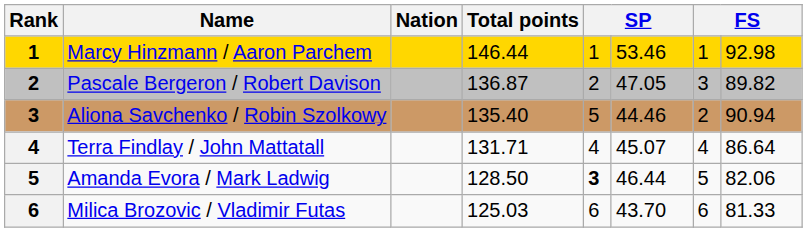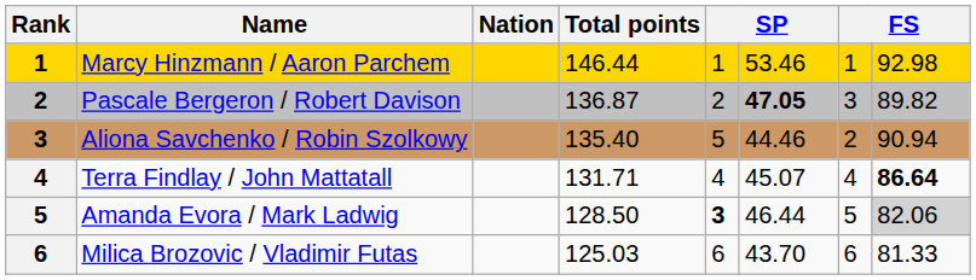 <table class="wikitable">
 <tr>
 <th>Rank</th>
 <th>Name</th>
 <th>Nation</th>
 <th>Total points</th>
 <th colspan="2" width="80px"><a href='#'>SP</a></th>
 <th colspan="2" width="80px"><a href='#'>FS</a></th>
 </tr>
 <tr bgcolor="gold">
 <td align="center"><strong>1</strong></td>
 <td><a href='#'>Marcy Hinzmann</a> / <a href='#'>Aaron Parchem</a></td>
 <td></td>
 <td>146.44</td>
 <td>1</td>
 <td>53.46</td>
 <td>1</td>
 <td>92.98</td>
 </tr>
 <tr bgcolor="silver">
 <td align="center"><strong>2</strong></td>
 <td><a href='#'>Pascale Bergeron</a> / <a href='#'>Robert Davison</a></td>
 <td></td>
 <td>136.87</td>
 <td>2</td>
-<td>47.05</td>
+<td><strong>47.05</strong></td>
 <td>3</td>
 <td>89.82</td>
 </tr>
 <tr bgcolor="cc9966">
 <td align="center"><strong>3</strong></td>
 <td><a href='#'>Aliona Savchenko</a> / <a href='#'>Robin Szolkowy</a></td>
 <td></td>
 <td>135.40</td>
 <td>5</td>
 <td>44.46</td>
 <td>2</td>
 <td>90.94</td>
 </tr>
 <tr>
 <th>4</th>
 <td><a href='#'>Terra Findlay</a> / <a href='#'>John Mattatall</a></td>
 <td></td>
 <td>131.71</td>
 <td>4</td>
 <td>45.07</td>
 <td>4</td>
-<td>86.64</td>
+<td><strong>86.64</strong></td>
 </tr>
 <tr>
 <th>5</th>
 <td><a href='#'>Amanda Evora</a> / <a href='#'>Mark Ladwig</a></td>
 <td></td>
 <td>128.50</td>
 <td><strong>3</strong></td>
 <td>46.44</td>
 <td>5</td>
-<td>82.06</td>
+<td style="background: lightgrey;">82.06</td>
 </tr>
 <tr>
 <th>6</th>
 <td><a href='#'>Milica Brozovic</a> / <a href='#'>Vladimir Futas</a></td>
 <td></td>
 <td>125.03</td>
 <td>6</td>
 <td>43.70</td>
 <td>6</td>
 <td>81.33</td>
 </tr>
 </table>
